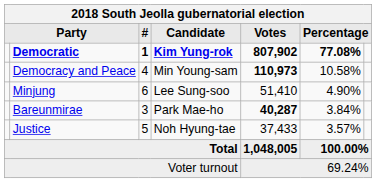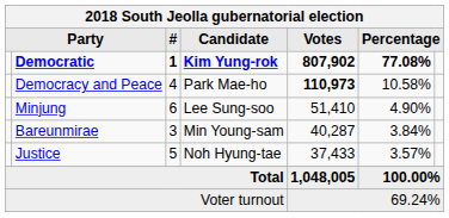 <table class="wikitable">
 <tr>
 <th colspan="7">2018 South Jeolla gubernatorial election</th>
 </tr>
 <tr>
 <th style="background-color:#E9E9E9" colspan=2>Party</th>
 <th style="background-color:#E9E9E9">#</th>
 <th style="background-color:#E9E9E9">Candidate</th>
 <th style="background-color:#E9E9E9">Votes</th>
 <th style="background-color:#E9E9E9" colspan=2>Percentage</th>
 </tr>
 <tr style="font-weight:bold">
 <td></td>
 <td align=left><a href='#'>Democratic</a></td>
 <td align=center>1</td>
 <td align=left><a href='#'>Kim Yung-rok</a></td>
 <td align=right>807,902</td>
 <td align=right>77.08%</td>
 <td align=right></td>
 </tr>
 <tr>
 <td></td>
 <td align=left><a href='#'>Democracy and Peace</a></td>
 <td align=center>4</td>
-<td align=left>Min Young-sam</td>
+<td align=left>Park Mae-ho</td>
 <td align=right><strong>110,973</strong></td>
 <td align=right>10.58%</td>
 <td align=right></td>
 </tr>
 <tr>
 <td></td>
 <td align=left><a href='#'>Minjung</a></td>
 <td align=center>6</td>
 <td align=left>Lee Sung-soo</td>
 <td align=right>51,410</td>
 <td align=right>4.90%</td>
 <td align=right></td>
 </tr>
 <tr>
 <td></td>
 <td align=left><a href='#'>Bareunmirae</a></td>
 <td align=center>3</td>
-<td align=left>Park Mae-ho</td>
-<td align=right><strong>40,287</strong></td>
+<td align=left>Min Young-sam</td>
+<td align=right>40,287</td>
 <td align=right>3.84%</td>
 <td align=right></td>
 </tr>
 <tr>
 <td></td>
 <td align=left><a href='#'>Justice</a></td>
 <td align=center>5</td>
 <td align=left>Noh Hyung-tae</td>
 <td align=right>37,433</td>
 <td align=right>3.57%</td>
 <td align=right></td>
 </tr>
 <tr bgcolor="#EEEEEE" style="font-weight:bold">
 <td colspan="4" align=right>Total</td>
 <td align=right>1,048,005</td>
 <td align=right colspan=2>100.00%</td>
 </tr>
 <tr bgcolor="#EEEEEE">
 <td colspan="4" align="right">Voter turnout</td>
 <td colspan="3" align="right">69.24%</td>
 </tr>
 </table>
